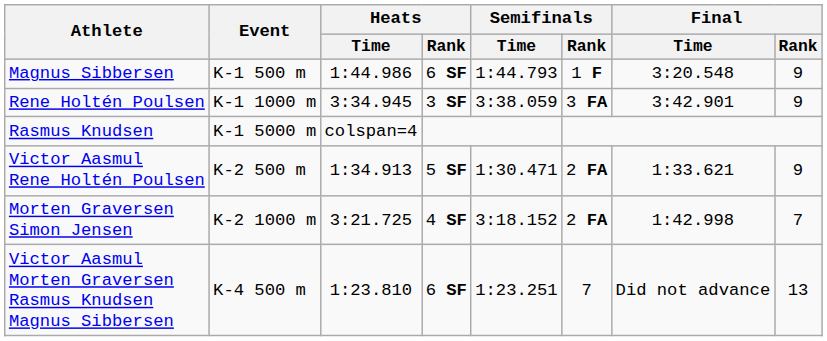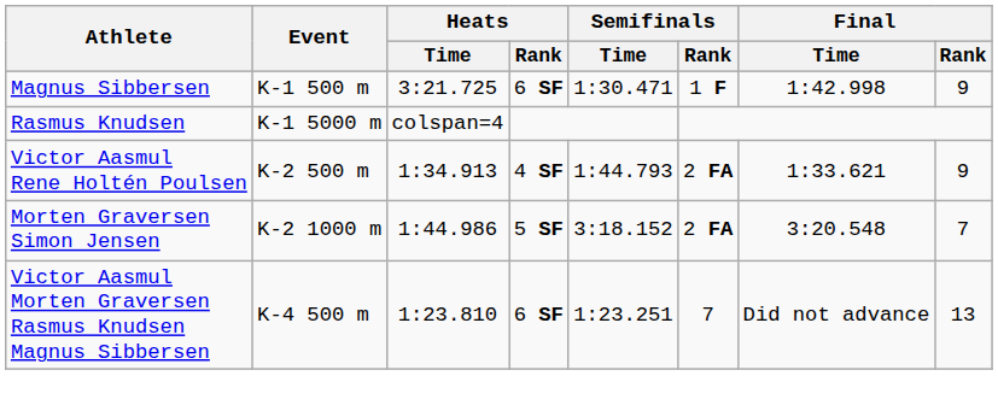 <table class=wikitable style="font-size:90%">
 <tr>
 <th rowspan="2">Athlete</th>
 <th rowspan="2">Event</th>
 <th colspan=2>Heats</th>
 <th colspan=2>Semifinals</th>
 <th colspan=2>Final</th>
 </tr>
 <tr style="font-size:95%">
 <th>Time</th>
 <th>Rank</th>
 <th>Time</th>
 <th>Rank</th>
 <th>Time</th>
 <th>Rank</th>
 </tr>
 <tr align=center>
 <td align=left><a href='#'>Magnus Sibbersen</a></td>
 <td align=left>K-1 500 m</td>
-<td>1:44.986</td>
+<td>3:21.725</td>
 <td>6 <strong>SF</strong></td>
-<td>1:44.793</td>
+<td>1:30.471</td>
 <td>1 <strong>F</strong></td>
-<td>3:20.548</td>
-<td>9</td>
-</tr>
-<tr align=center>
-<td align=left><a href='#'>Rene Holtén Poulsen</a></td>
-<td align=left>K-1 1000 m</td>
-<td>3:34.945</td>
-<td>3 <strong>SF</strong></td>
-<td>3:38.059</td>
-<td>3 <strong>FA</strong></td>
-<td>3:42.901</td>
+<td>1:42.998</td>
 <td>9</td>
 </tr>
 <tr align=center>
 <td align=left><a href='#'>Rasmus Knudsen</a></td>
 <td align=left>K-1 5000 m</td>
 <td>colspan=4</td>
 <td colspan=2></td>
 </tr>
 <tr align=center>
 <td align=left><a href='#'>Victor Aasmul</a><br><a href='#'>Rene Holtén Poulsen</a></td>
 <td align=left>K-2 500 m</td>
 <td>1:34.913</td>
-<td>5 <strong>SF</strong></td>
-<td>1:30.471</td>
+<td>4 <strong>SF</strong></td>
+<td>1:44.793</td>
 <td>2 <strong>FA</strong></td>
 <td>1:33.621</td>
 <td>9</td>
 </tr>
 <tr align=center>
 <td align=left><a href='#'>Morten Graversen</a><br><a href='#'>Simon Jensen</a></td>
 <td align=left>K-2 1000 m</td>
-<td>3:21.725</td>
-<td>4 <strong>SF</strong></td>
+<td>1:44.986</td>
+<td>5 <strong>SF</strong></td>
 <td>3:18.152</td>
 <td>2 <strong>FA</strong></td>
-<td>1:42.998</td>
+<td>3:20.548</td>
 <td>7</td>
 </tr>
 <tr align=center>
 <td align=left><a href='#'>Victor Aasmul</a><br><a href='#'>Morten Graversen</a><br><a href='#'>Rasmus Knudsen</a><br><a href='#'>Magnus Sibbersen</a></td>
 <td align=left>K-4 500 m</td>
 <td>1:23.810</td>
 <td>6 <strong>SF</strong></td>
 <td>1:23.251</td>
 <td>7</td>
 <td>Did not advance</td>
 <td>13</td>
 </tr>
 </table>
